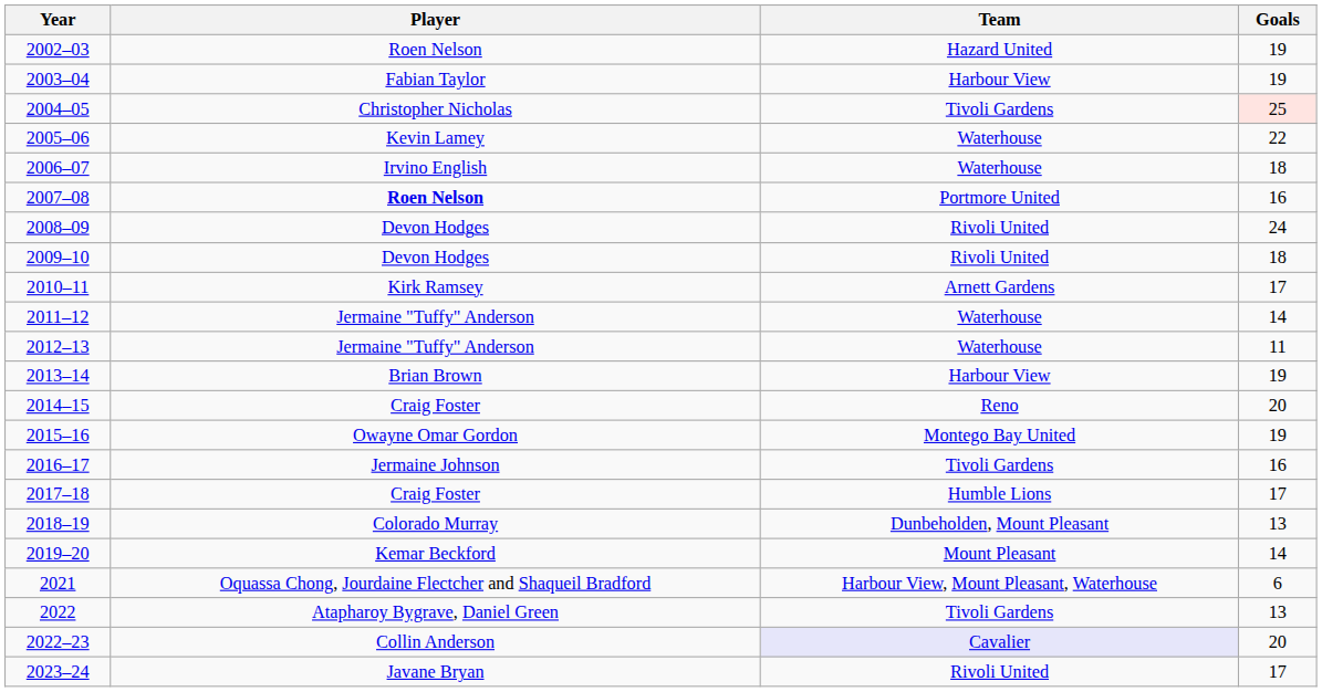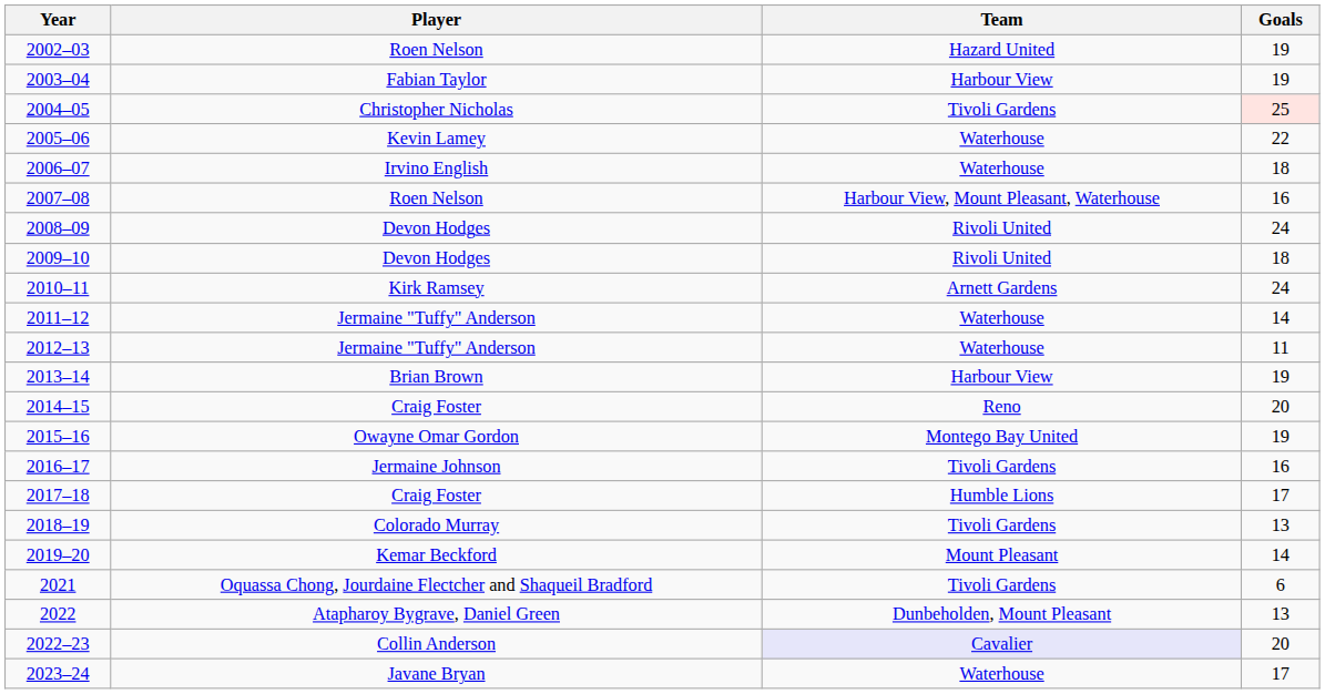 <table class="wikitable mw-collapsible" style="font-size:95%; text-align: center; width:70%;">
 <tr>
 <th>Year</th>
 <th>Player</th>
 <th>Team</th>
 <th>Goals</th>
 </tr>
 <tr>
 <td><a href='#'>2002–03</a></td>
 <td> <a href='#'>Roen Nelson</a></td>
 <td><a href='#'>Hazard United</a></td>
 <td>19</td>
 </tr>
 <tr>
 <td><a href='#'>2003–04</a></td>
 <td> <a href='#'>Fabian Taylor</a></td>
 <td><a href='#'>Harbour View</a></td>
 <td>19</td>
 </tr>
 <tr>
 <td><a href='#'>2004–05</a></td>
 <td> <a href='#'>Christopher Nicholas</a></td>
 <td><a href='#'>Tivoli Gardens</a></td>
 <td bgcolor=mistyrose>25</td>
 </tr>
 <tr>
 <td><a href='#'>2005–06</a></td>
 <td> <a href='#'>Kevin Lamey</a></td>
 <td><a href='#'>Waterhouse</a></td>
 <td>22</td>
 </tr>
 <tr>
 <td><a href='#'>2006–07</a></td>
 <td> <a href='#'>Irvino English</a></td>
 <td><a href='#'>Waterhouse</a></td>
 <td>18</td>
 </tr>
 <tr>
 <td><a href='#'>2007–08</a></td>
-<td><strong> <a href='#'>Roen Nelson</a></strong></td>
-<td><a href='#'>Portmore United</a></td>
+<td> <a href='#'>Roen Nelson</a></td>
+<td><a href='#'>Harbour View</a>, <a href='#'>Mount Pleasant</a>, <a href='#'>Waterhouse</a></td>
 <td>16</td>
 </tr>
 <tr>
 <td><a href='#'>2008–09</a></td>
 <td> <a href='#'>Devon Hodges</a></td>
 <td><a href='#'>Rivoli United</a></td>
 <td>24</td>
 </tr>
 <tr>
 <td><a href='#'>2009–10</a></td>
 <td> <a href='#'>Devon Hodges</a></td>
 <td><a href='#'>Rivoli United</a></td>
 <td>18</td>
 </tr>
 <tr>
 <td><a href='#'>2010–11</a></td>
 <td> <a href='#'>Kirk Ramsey</a></td>
 <td><a href='#'>Arnett Gardens</a></td>
-<td>17</td>
+<td>24</td>
 </tr>
 <tr>
 <td><a href='#'>2011–12</a></td>
 <td> <a href='#'>Jermaine "Tuffy" Anderson</a></td>
 <td><a href='#'>Waterhouse</a></td>
 <td>14</td>
 </tr>
 <tr>
 <td><a href='#'>2012–13</a></td>
 <td> <a href='#'>Jermaine "Tuffy" Anderson</a></td>
 <td><a href='#'>Waterhouse</a></td>
 <td>11</td>
 </tr>
 <tr>
 <td><a href='#'>2013–14</a></td>
 <td> <a href='#'>Brian Brown</a></td>
 <td><a href='#'>Harbour View</a></td>
 <td>19</td>
 </tr>
 <tr>
 <td><a href='#'>2014–15</a></td>
 <td> <a href='#'>Craig Foster</a></td>
 <td><a href='#'>Reno</a></td>
 <td>20</td>
 </tr>
 <tr>
 <td><a href='#'>2015–16</a></td>
 <td> <a href='#'>Owayne Omar Gordon</a></td>
 <td><a href='#'>Montego Bay United</a></td>
 <td>19</td>
 </tr>
 <tr>
 <td><a href='#'>2016–17</a></td>
 <td> <a href='#'>Jermaine Johnson</a></td>
 <td><a href='#'>Tivoli Gardens</a></td>
 <td>16</td>
 </tr>
 <tr>
 <td><a href='#'>2017–18</a></td>
 <td> <a href='#'>Craig Foster</a></td>
 <td><a href='#'>Humble Lions</a></td>
 <td>17</td>
 </tr>
 <tr>
 <td><a href='#'>2018–19</a></td>
 <td> <a href='#'>Colorado Murray</a></td>
-<td><a href='#'>Dunbeholden</a>, <a href='#'>Mount Pleasant</a></td>
+<td><a href='#'>Tivoli Gardens</a></td>
 <td>13</td>
 </tr>
 <tr>
 <td><a href='#'>2019–20</a></td>
 <td> <a href='#'>Kemar Beckford</a></td>
 <td><a href='#'>Mount Pleasant</a></td>
 <td>14</td>
 </tr>
 <tr>
 <td><a href='#'>2021</a></td>
 <td> <a href='#'>Oquassa Chong</a>, <a href='#'>Jourdaine Flectcher</a> and <a href='#'>Shaqueil Bradford</a></td>
-<td><a href='#'>Harbour View</a>, <a href='#'>Mount Pleasant</a>, <a href='#'>Waterhouse</a></td>
+<td><a href='#'>Tivoli Gardens</a></td>
 <td>6</td>
 </tr>
 <tr>
 <td><a href='#'>2022</a></td>
 <td> <a href='#'>Atapharoy Bygrave</a>, <a href='#'>Daniel Green</a></td>
-<td><a href='#'>Tivoli Gardens</a></td>
+<td><a href='#'>Dunbeholden</a>, <a href='#'>Mount Pleasant</a></td>
 <td>13</td>
 </tr>
 <tr>
 <td><a href='#'>2022–23</a></td>
 <td> <a href='#'>Collin Anderson</a></td>
 <td style="background: lavender;"><a href='#'>Cavalier</a></td>
 <td>20</td>
 </tr>
 <tr>
 <td><a href='#'>2023–24</a></td>
 <td><a href='#'>Javane Bryan</a></td>
-<td><a href='#'>Rivoli United</a></td>
+<td><a href='#'>Waterhouse</a></td>
 <td>17</td>
 </tr>
 </table>
